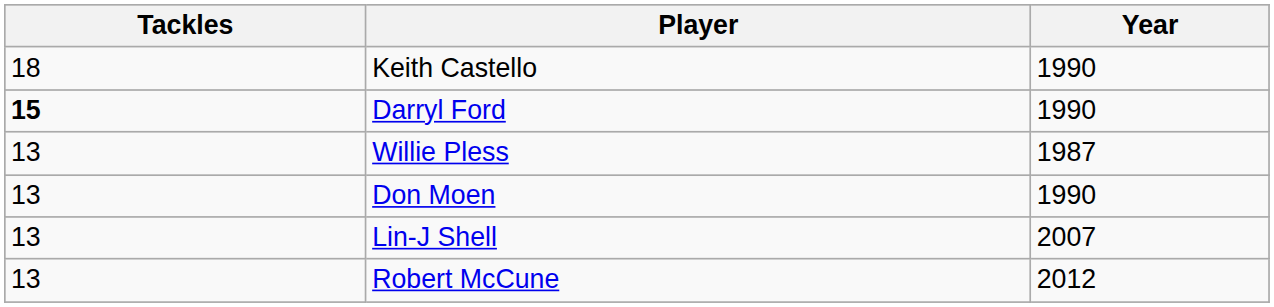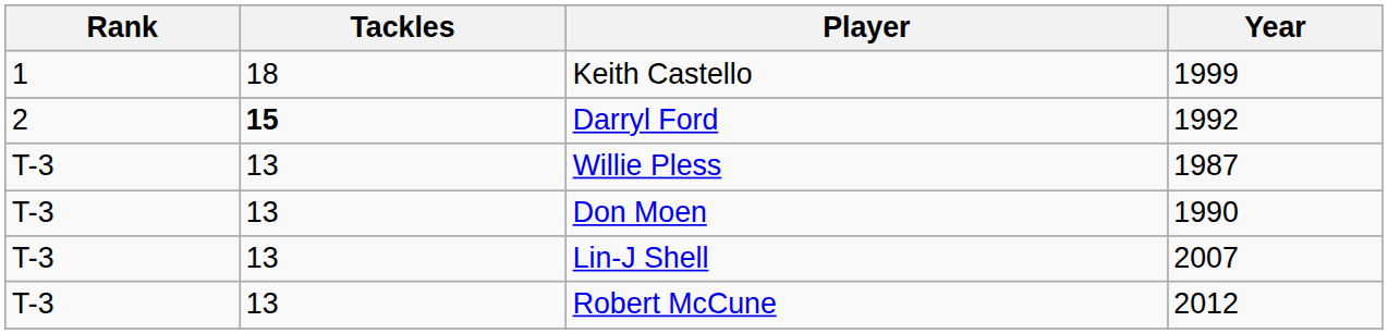 <table class="wikitable" style="width:60%;">
 <tr>
+<th>Rank</th>
 <th>Tackles</th>
 <th>Player</th>
 <th>Year</th>
 </tr>
 <tr>
+<td>1</td>
 <td>18</td>
 <td>Keith Castello</td>
-<td>1990</td>
+<td>1999</td>
 </tr>
 <tr>
+<td>2</td>
 <td><strong>15</strong></td>
 <td><a href='#'>Darryl Ford</a></td>
-<td>1990</td>
+<td>1992</td>
 </tr>
 <tr>
+<td>T-3</td>
 <td>13</td>
 <td><a href='#'>Willie Pless</a></td>
 <td>1987</td>
 </tr>
 <tr>
+<td>T-3</td>
 <td>13</td>
 <td><a href='#'>Don Moen</a></td>
 <td>1990</td>
 </tr>
 <tr>
+<td>T-3</td>
 <td>13</td>
 <td><a href='#'>Lin-J Shell</a></td>
 <td>2007</td>
 </tr>
 <tr>
+<td>T-3</td>
 <td>13</td>
 <td><a href='#'>Robert McCune</a></td>
 <td>2012</td>
 </tr>
 </table>
